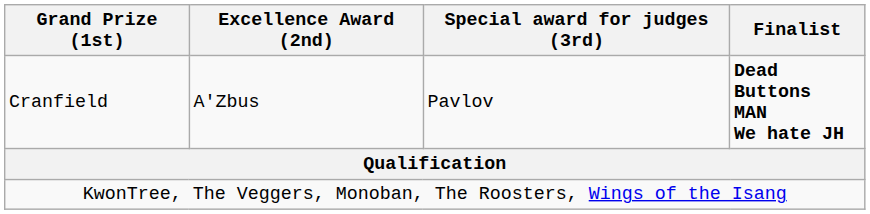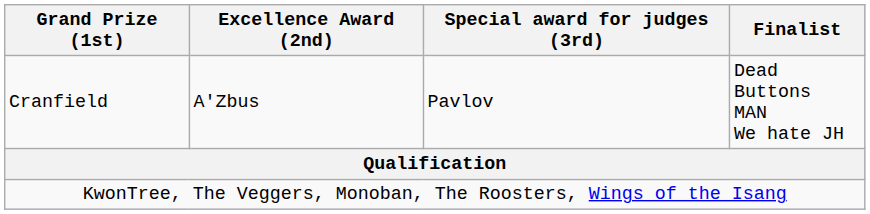 <table class="wikitable">
 <tr>
 <th scope="col">Grand Prize (1st)</th>
 <th scope="col">Excellence Award (2nd)</th>
 <th scope="col">Special award for judges (3rd)</th>
 <th scope="col">Finalist</th>
 </tr>
 <tr>
 <td scope="row">Cranfield</td>
 <td scope="row">A'Zbus</td>
 <td scope="row">Pavlov</td>
-<td scope="row"><strong>Dead Buttons<br>MAN<br>We hate JH</strong></td>
+<td scope="row">Dead Buttons<br>MAN<br>We hate JH</td>
 </tr>
 <tr>
 <th colspan="4" align="center">Qualification</th>
 </tr>
 <tr>
 <td colspan="4" align="center">KwonTree, The Veggers, Monoban, The Roosters, <a href='#'>Wings of the Isang</a></td>
 </tr>
 </table>
